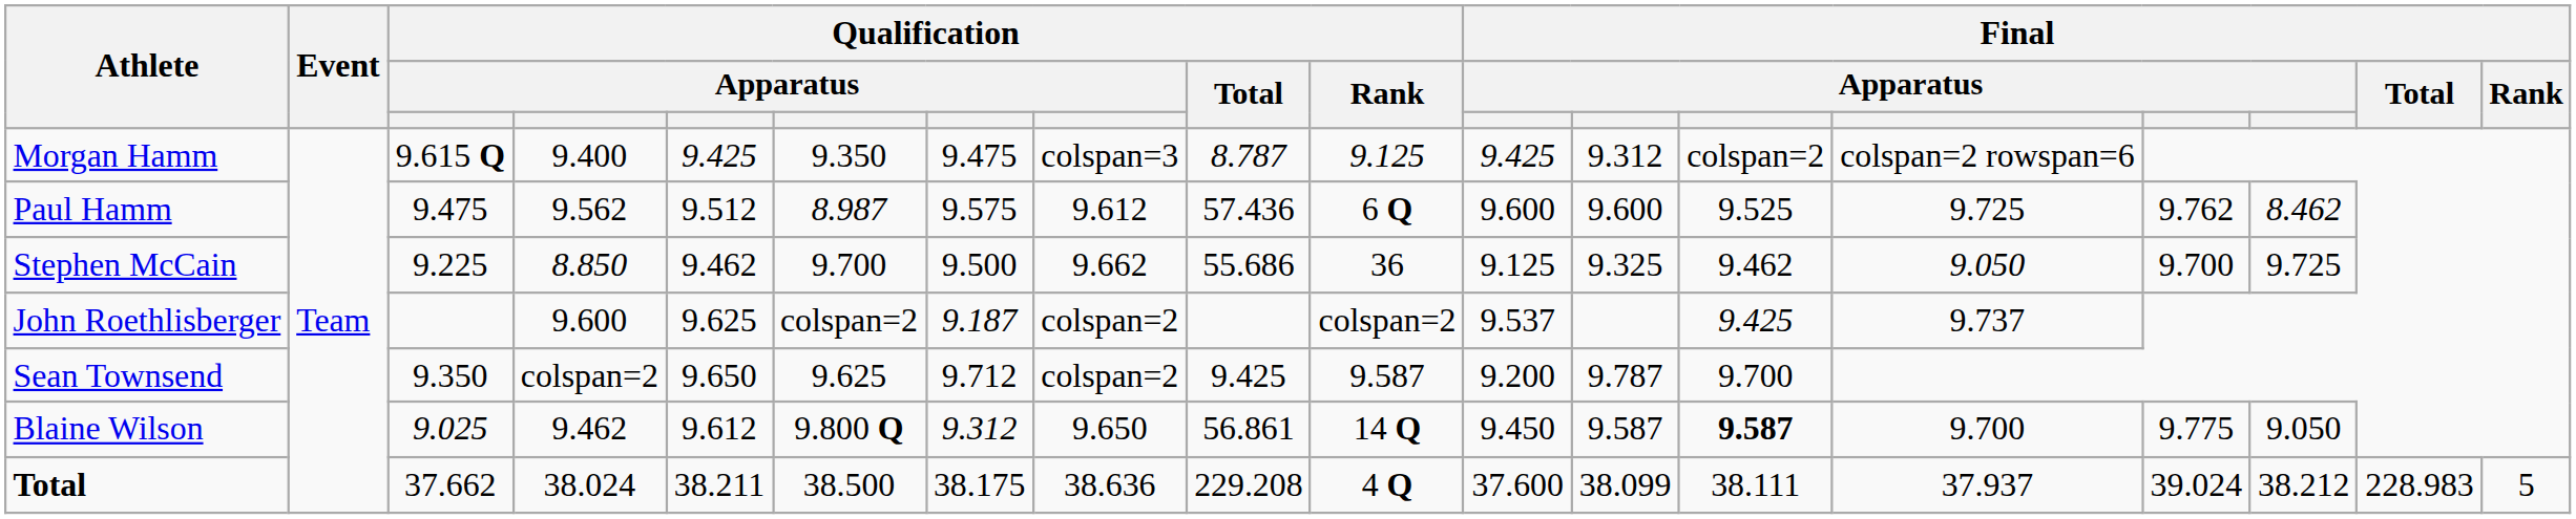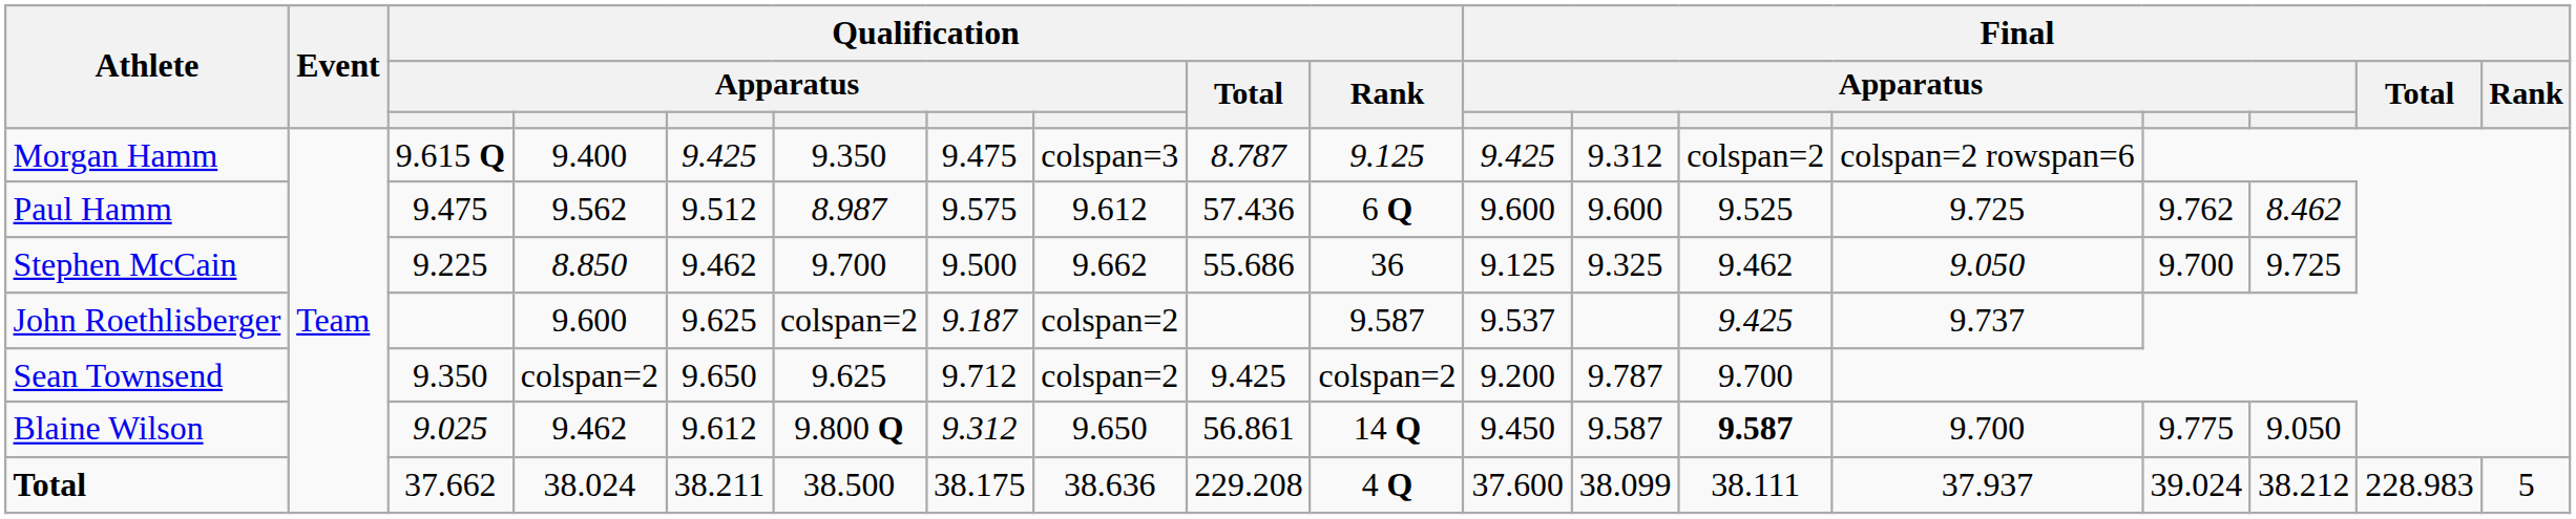 <table class=wikitable style=font-size:90%;text-align:center>
 <tr>
 <th rowspan=3>Athlete</th>
 <th rowspan=3>Event</th>
 <th colspan=8>Qualification</th>
 <th colspan=8>Final</th>
 </tr>
 <tr style=font-size:95%>
 <th colspan=6>Apparatus</th>
 <th rowspan=2>Total</th>
 <th rowspan=2>Rank</th>
 <th colspan=6>Apparatus</th>
 <th rowspan=2>Total</th>
 <th rowspan=2>Rank</th>
 </tr>
 <tr style=font-size:95%>
 <th></th>
 <th></th>
 <th></th>
 <th></th>
 <th></th>
 <th></th>
 <th></th>
 <th></th>
 <th></th>
 <th></th>
 <th></th>
 <th></th>
 </tr>
 <tr>
 <td align=left><a href='#'>Morgan Hamm</a></td>
 <td align=left rowspan=7><a href='#'>Team</a></td>
 <td>9.615 <strong>Q</strong></td>
 <td>9.400</td>
 <td><em>9.425</em></td>
 <td>9.350</td>
 <td>9.475</td>
 <td>colspan=3 </td>
 <td><em>8.787</em></td>
 <td><em>9.125</em></td>
 <td><em>9.425</em></td>
 <td>9.312</td>
 <td>colspan=2 </td>
 <td>colspan=2 rowspan=6 </td>
 </tr>
 <tr>
 <td align=left><a href='#'>Paul Hamm</a></td>
 <td>9.475</td>
 <td>9.562</td>
 <td>9.512</td>
 <td><em>8.987</em></td>
 <td>9.575</td>
 <td>9.612</td>
 <td>57.436</td>
 <td>6 <strong>Q</strong></td>
 <td>9.600</td>
 <td>9.600</td>
 <td>9.525</td>
 <td>9.725</td>
 <td>9.762</td>
 <td><em>8.462</em></td>
 </tr>
 <tr>
 <td align=left><a href='#'>Stephen McCain</a></td>
 <td>9.225</td>
 <td><em>8.850</em></td>
 <td>9.462</td>
 <td>9.700</td>
 <td>9.500</td>
 <td>9.662</td>
 <td>55.686</td>
 <td>36</td>
 <td>9.125</td>
 <td>9.325</td>
 <td>9.462</td>
 <td><em>9.050</em></td>
 <td>9.700</td>
 <td>9.725</td>
 </tr>
 <tr>
 <td align=left><a href='#'>John Roethlisberger</a></td>
 <td></td>
 <td>9.600</td>
 <td>9.625</td>
 <td>colspan=2 </td>
 <td><em>9.187</em></td>
 <td>colspan=2 </td>
 <td></td>
-<td>colspan=2 </td>
+<td>9.587</td>
 <td>9.537</td>
 <td></td>
 <td><em>9.425</em></td>
 <td>9.737</td>
 </tr>
 <tr>
 <td align=left><a href='#'>Sean Townsend</a></td>
 <td>9.350</td>
 <td>colspan=2 </td>
 <td>9.650</td>
 <td>9.625</td>
 <td>9.712</td>
 <td>colspan=2 </td>
 <td>9.425</td>
-<td>9.587</td>
+<td>colspan=2 </td>
 <td>9.200</td>
 <td>9.787</td>
 <td>9.700</td>
 </tr>
 <tr>
 <td align=left><a href='#'>Blaine Wilson</a></td>
 <td><em>9.025</em></td>
 <td>9.462</td>
 <td>9.612</td>
 <td>9.800 <strong>Q</strong></td>
 <td><em>9.312</em></td>
 <td>9.650</td>
 <td>56.861</td>
 <td>14 <strong>Q</strong></td>
 <td>9.450</td>
 <td>9.587</td>
 <td><strong>9.587</strong></td>
 <td>9.700</td>
 <td>9.775</td>
 <td>9.050</td>
 </tr>
 <tr>
 <td align=left><strong>Total</strong></td>
 <td>37.662</td>
 <td>38.024</td>
 <td>38.211</td>
 <td>38.500</td>
 <td>38.175</td>
 <td>38.636</td>
 <td>229.208</td>
 <td>4 <strong>Q</strong></td>
 <td>37.600</td>
 <td>38.099</td>
 <td>38.111</td>
 <td>37.937</td>
 <td>39.024</td>
 <td>38.212</td>
 <td>228.983</td>
 <td>5</td>
 </tr>
 </table>
